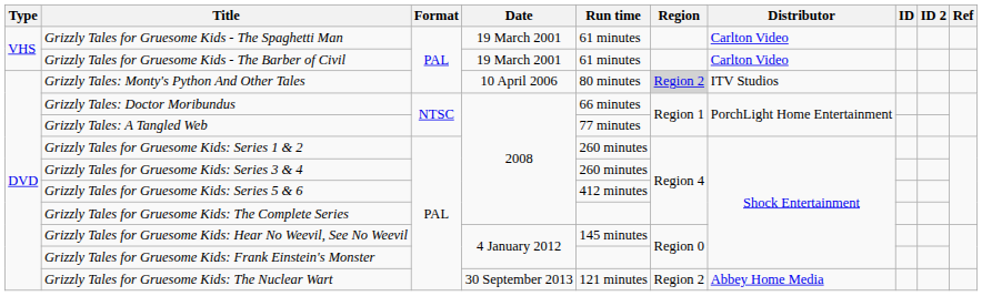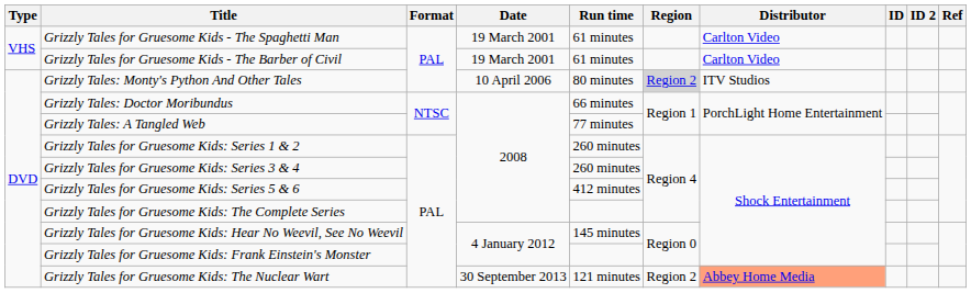 <table class="wikitable"; align="center">
 <tr>
 <th>Type</th>
 <th>Title</th>
 <th>Format</th>
 <th>Date</th>
 <th>Run time</th>
 <th>Region</th>
 <th>Distributor</th>
 <th>ID</th>
 <th>ID 2</th>
 <th>Ref</th>
 </tr>
 <tr>
 <td rowspan=2><a href='#'>VHS</a></td>
 <td><em>Grizzly Tales for Gruesome Kids - The Spaghetti Man</em></td>
 <td rowspan=3; align=center><a href='#'>PAL</a></td>
 <td align=center>19 March 2001</td>
 <td>61 minutes</td>
 <td></td>
 <td><a href='#'>Carlton Video</a></td>
 <td></td>
 <td></td>
 <td></td>
 </tr>
 <tr>
 <td><em>Grizzly Tales for Gruesome Kids - The Barber of Civil</em></td>
 <td align=center>19 March 2001</td>
 <td>61 minutes</td>
 <td></td>
 <td><a href='#'>Carlton Video</a></td>
 <td></td>
 <td></td>
 <td {{unbulleted list></td>
 </tr>
 <tr>
 <td rowspan=10><a href='#'>DVD</a></td>
 <td><em>Grizzly Tales: Monty's Python And Other Tales</em></td>
 <td align=center>10 April 2006</td>
 <td>80 minutes</td>
 <td align=center style="background: lightgrey;"><a href='#'>Region 2</a></td>
 <td>ITV Studios</td>
 <td></td>
 <td></td>
 <td></td>
 </tr>
 <tr>
 <td><em>Grizzly Tales: Doctor Moribundus</em></td>
 <td rowspan=2; align=center><a href='#'>NTSC</a></td>
 <td rowspan=6; align=center>2008</td>
 <td>66 minutes</td>
 <td rowspan=2; align=center>Region 1</td>
 <td rowspan=2; align=center>PorchLight Home Entertainment</td>
 <td></td>
 <td></td>
 <td rowspan=2></td>
 </tr>
 <tr>
 <td><em>Grizzly Tales: A Tangled Web</em></td>
 <td>77 minutes</td>
 <td></td>
 <td></td>
 </tr>
 <tr>
 <td><em>Grizzly Tales for Gruesome Kids: Series 1 & 2</em></td>
 <td rowspan=7; align=center>PAL</td>
 <td>260 minutes</td>
 <td rowspan=4; align=center>Region 4</td>
 <td rowspan=6; align=center><a href='#'>Shock Entertainment</a></td>
 <td></td>
 <td></td>
 <td rowspan=4></td>
 </tr>
 <tr>
 <td><em>Grizzly Tales for Gruesome Kids: Series 3 & 4</em></td>
 <td>260 minutes</td>
 <td></td>
 <td></td>
 </tr>
 <tr>
 <td><em>Grizzly Tales for Gruesome Kids: Series 5 & 6</em></td>
 <td>412 minutes</td>
 <td></td>
 <td></td>
 </tr>
 <tr>
 <td><em>Grizzly Tales for Gruesome Kids: The Complete Series</em></td>
 <td></td>
 <td></td>
 <td></td>
 </tr>
 <tr>
 <td><em>Grizzly Tales for Gruesome Kids: Hear No Weevil, See No Weevil</em></td>
 <td rowspan=2; align=center>4 January 2012</td>
 <td>145 minutes</td>
 <td rowspan=2; align=center>Region 0</td>
 <td></td>
 <td></td>
 <td rowspan=2></td>
 </tr>
 <tr>
 <td><em>Grizzly Tales for Gruesome Kids: Frank Einstein's Monster</em></td>
 <td></td>
 <td></td>
 <td></td>
 </tr>
 <tr>
 <td><em>Grizzly Tales for Gruesome Kids: The Nuclear Wart</em></td>
 <td align=center>30 September 2013</td>
 <td>121 minutes</td>
 <td align=center>Region 2</td>
-<td><a href='#'>Abbey Home Media</a></td>
+<td style="background: lightsalmon;"><a href='#'>Abbey Home Media</a></td>
 <td></td>
 <td></td>
 <td></td>
 </tr>
 </table>
